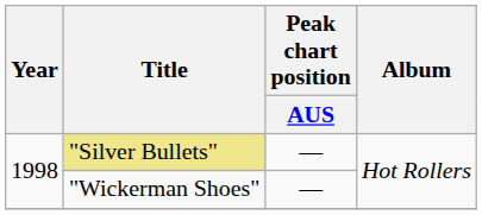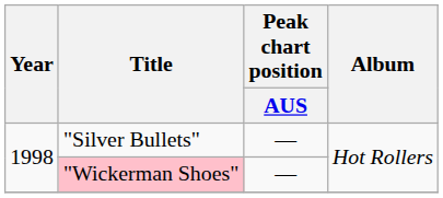 <table class="wikitable plainrowheaders">
 <tr>
 <th rowspan="2" width="1em">Year</th>
 <th rowspan="2">Title</th>
 <th colspan="1">Peak chart<br>position</th>
 <th rowspan="2">Album</th>
 </tr>
 <tr>
 <th width="35"><a href='#'>AUS</a></th>
 </tr>
 <tr>
 <td rowspan=2>1998</td>
-<td style="background: khaki;">"Silver Bullets"</td>
+<td>"Silver Bullets"</td>
 <td align="center">—</td>
 <td rowspan=2><em>Hot Rollers</em></td>
 </tr>
 <tr>
-<td>"Wickerman Shoes"</td>
+<td style="background: pink;">"Wickerman Shoes"</td>
 <td align="center">—</td>
 </tr>
 <tr>
 </tr>
 </table>
